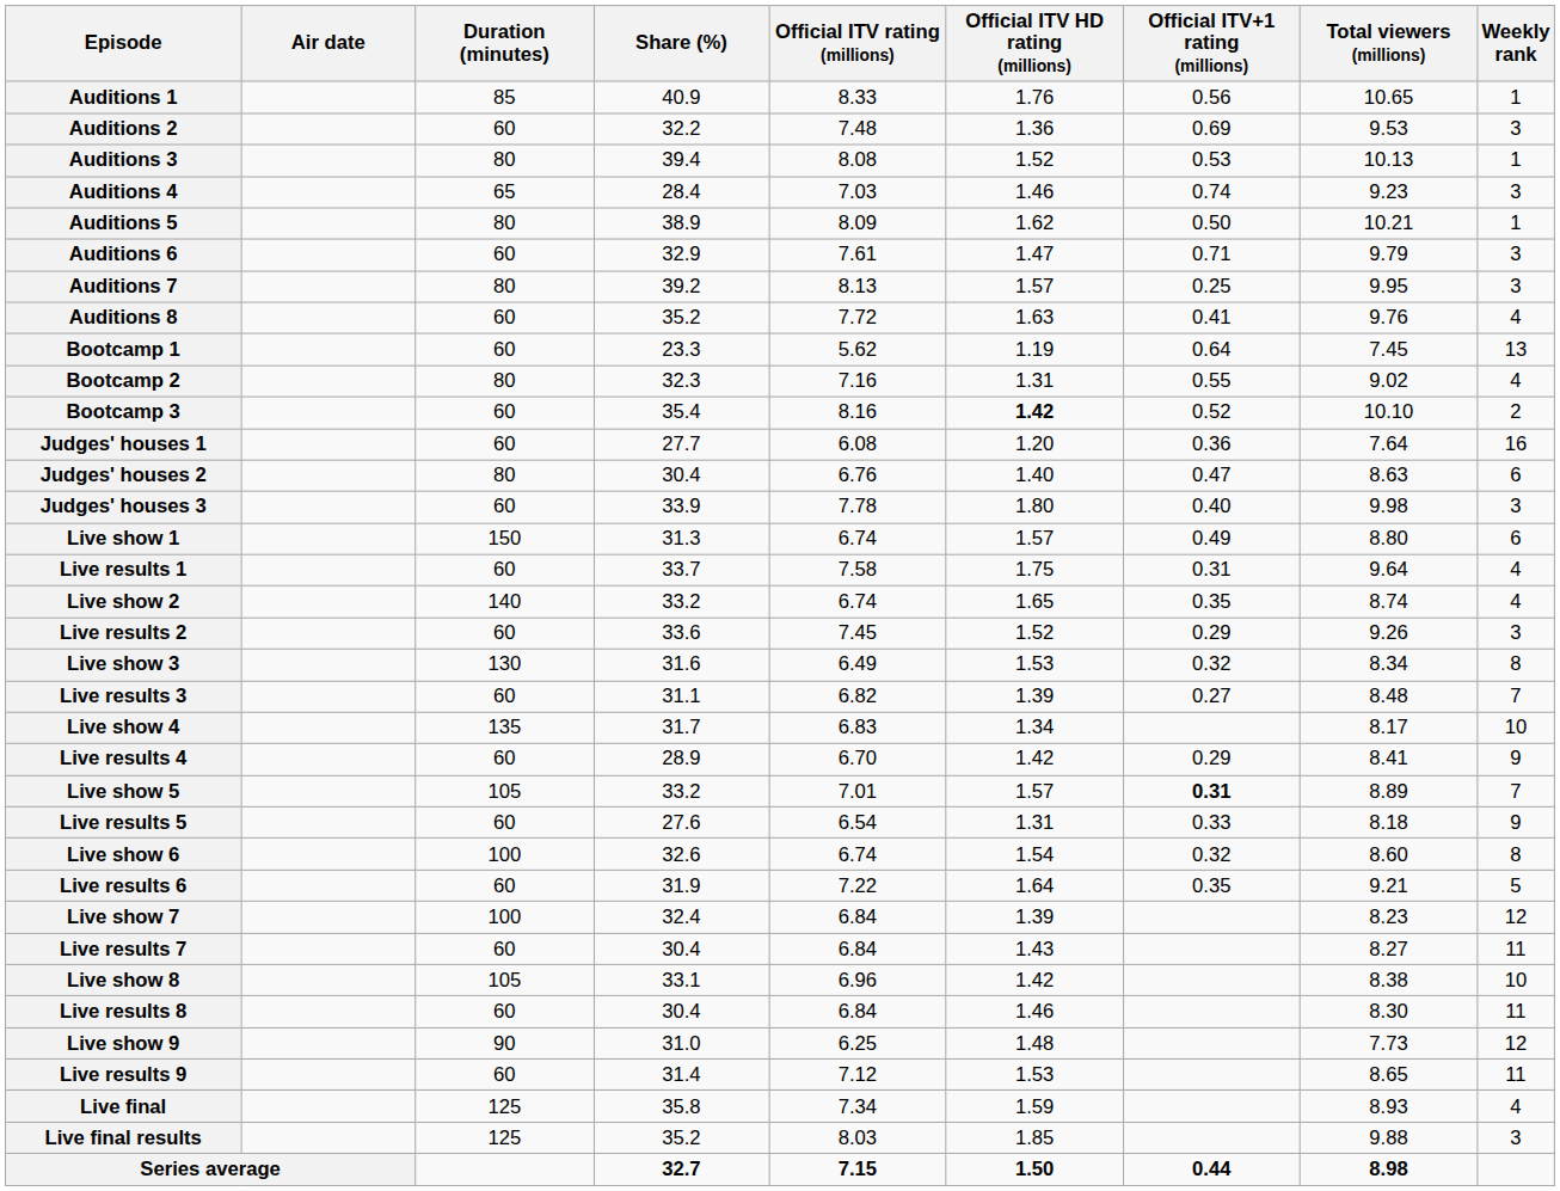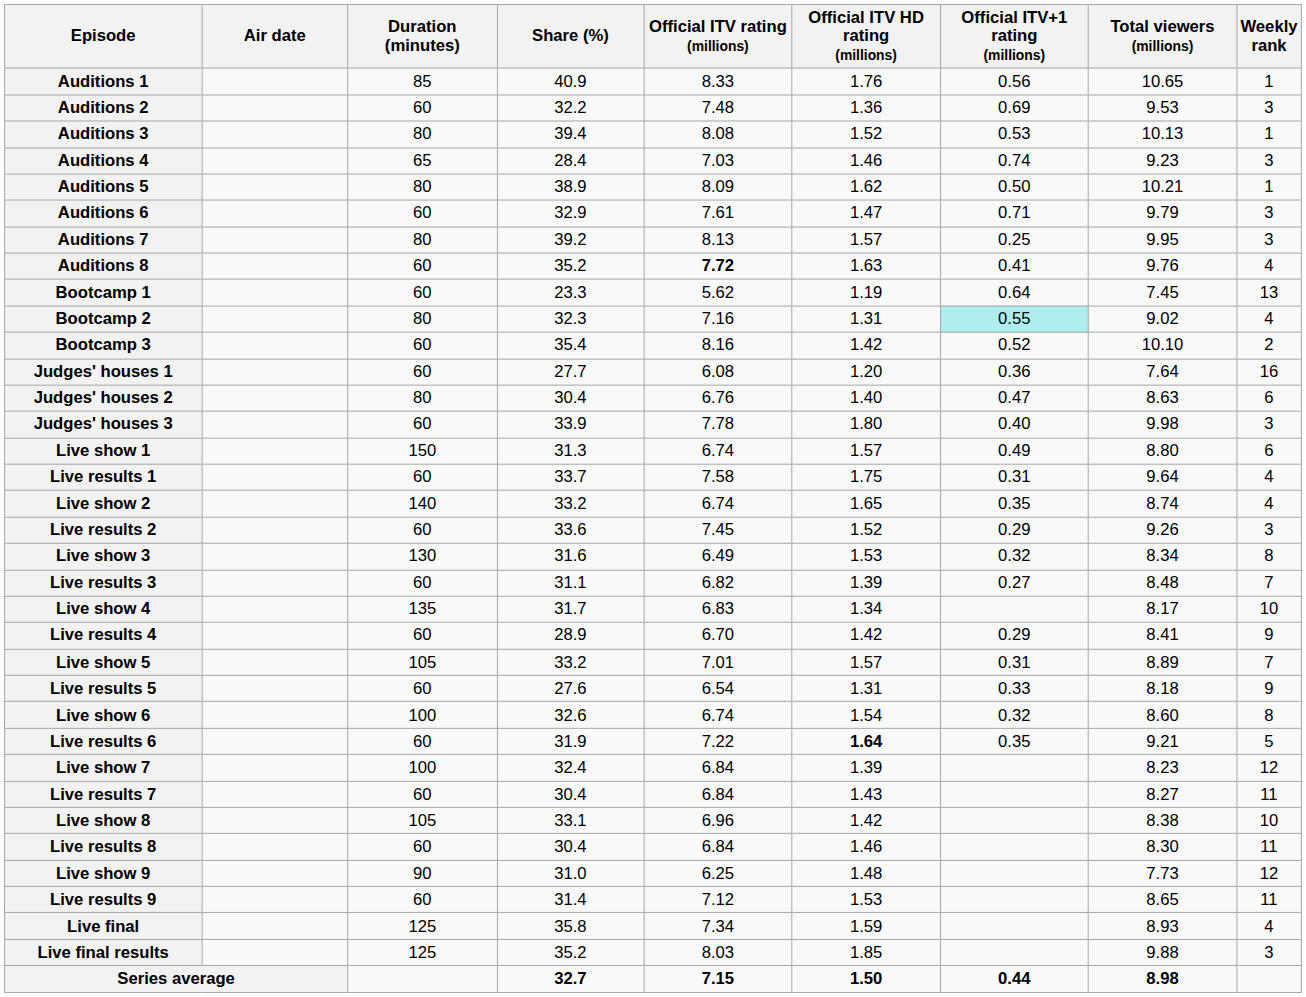 <table class="wikitable sortable" style="text-align:center">
 <tr>
 <th scope="col" style="width:16%">Episode</th>
 <th scope="col" style="width:12%">Air date</th>
 <th scope="col" style="width:12%">Duration (minutes)</th>
 <th scope="col" style="width:12%">Share (%)</th>
 <th scope="col" style="width:12%">Official ITV rating<br><small>(millions)</small></th>
 <th scope="col" style="width:12%">Official ITV HD rating<br><small>(millions)</small></th>
 <th scope="col" style="width:12%">Official ITV+1 rating<br><small>(millions)</small></th>
 <th scope="col" style="width:12%">Total viewers<br><small>(millions)</small></th>
 <th scope="col" style="width:12%">Weekly rank</th>
 </tr>
 <tr>
 <th scope="row">Auditions 1</th>
 <td></td>
 <td>85</td>
 <td>40.9</td>
 <td>8.33</td>
 <td>1.76</td>
 <td>0.56</td>
 <td>10.65</td>
 <td>1</td>
 </tr>
 <tr>
 <th scope="row">Auditions 2</th>
 <td></td>
 <td>60</td>
 <td>32.2</td>
 <td>7.48</td>
 <td>1.36</td>
 <td>0.69</td>
 <td>9.53</td>
 <td>3</td>
 </tr>
 <tr>
 <th scope="row">Auditions 3</th>
 <td></td>
 <td>80</td>
 <td>39.4</td>
 <td>8.08</td>
 <td>1.52</td>
 <td>0.53</td>
 <td>10.13</td>
 <td>1</td>
 </tr>
 <tr>
 <th scope="row">Auditions 4</th>
 <td></td>
 <td>65</td>
 <td>28.4</td>
 <td>7.03</td>
 <td>1.46</td>
 <td>0.74</td>
 <td>9.23</td>
 <td>3</td>
 </tr>
 <tr>
 <th scope="row">Auditions 5</th>
 <td></td>
 <td>80</td>
 <td>38.9</td>
 <td>8.09</td>
 <td>1.62</td>
 <td>0.50</td>
 <td>10.21</td>
 <td>1</td>
 </tr>
 <tr>
 <th scope="row">Auditions 6</th>
 <td></td>
 <td>60</td>
 <td>32.9</td>
 <td>7.61</td>
 <td>1.47</td>
 <td>0.71</td>
 <td>9.79</td>
 <td>3</td>
 </tr>
 <tr>
 <th scope="row">Auditions 7</th>
 <td></td>
 <td>80</td>
 <td>39.2</td>
 <td>8.13</td>
 <td>1.57</td>
 <td>0.25</td>
 <td>9.95</td>
 <td>3</td>
 </tr>
 <tr>
 <th scope="row">Auditions 8</th>
 <td></td>
 <td>60</td>
 <td>35.2</td>
-<td>7.72</td>
+<td><strong>7.72</strong></td>
 <td>1.63</td>
 <td>0.41</td>
 <td>9.76</td>
 <td>4</td>
 </tr>
 <tr>
 <th scope="row">Bootcamp 1</th>
 <td></td>
 <td>60</td>
 <td>23.3</td>
 <td>5.62</td>
 <td>1.19</td>
 <td>0.64</td>
 <td>7.45</td>
 <td>13</td>
 </tr>
 <tr>
 <th scope="row">Bootcamp 2</th>
 <td></td>
 <td>80</td>
 <td>32.3</td>
 <td>7.16</td>
 <td>1.31</td>
-<td>0.55</td>
+<td style="background: paleturquoise;">0.55</td>
 <td>9.02</td>
 <td>4</td>
 </tr>
 <tr>
 <th scope="row">Bootcamp 3</th>
 <td></td>
 <td>60</td>
 <td>35.4</td>
 <td>8.16</td>
-<td><strong>1.42</strong></td>
+<td>1.42</td>
 <td>0.52</td>
 <td>10.10</td>
 <td>2</td>
 </tr>
 <tr>
 <th scope="row">Judges' houses 1</th>
 <td></td>
 <td>60</td>
 <td>27.7</td>
 <td>6.08</td>
 <td>1.20</td>
 <td>0.36</td>
 <td>7.64</td>
 <td>16</td>
 </tr>
 <tr>
 <th scope="row">Judges' houses 2</th>
 <td></td>
 <td>80</td>
 <td>30.4</td>
 <td>6.76</td>
 <td>1.40</td>
 <td>0.47</td>
 <td>8.63</td>
 <td>6</td>
 </tr>
 <tr>
 <th scope="row">Judges' houses 3</th>
 <td></td>
 <td>60</td>
 <td>33.9</td>
 <td>7.78</td>
 <td>1.80</td>
 <td>0.40</td>
 <td>9.98</td>
 <td>3</td>
 </tr>
 <tr>
 <th scope="row">Live show 1</th>
 <td></td>
 <td>150</td>
 <td>31.3</td>
 <td>6.74</td>
 <td>1.57</td>
 <td>0.49</td>
 <td>8.80</td>
 <td>6</td>
 </tr>
 <tr>
 <th scope="row">Live results 1</th>
 <td></td>
 <td>60</td>
 <td>33.7</td>
 <td>7.58</td>
 <td>1.75</td>
 <td>0.31</td>
 <td>9.64</td>
 <td>4</td>
 </tr>
 <tr>
 <th scope="row">Live show 2</th>
 <td></td>
 <td>140</td>
 <td>33.2</td>
 <td>6.74</td>
 <td>1.65</td>
 <td>0.35</td>
 <td>8.74</td>
 <td>4</td>
 </tr>
 <tr>
 <th scope="row">Live results 2</th>
 <td></td>
 <td>60</td>
 <td>33.6</td>
 <td>7.45</td>
 <td>1.52</td>
 <td>0.29</td>
 <td>9.26</td>
 <td>3</td>
 </tr>
 <tr>
 <th scope="row">Live show 3</th>
 <td></td>
 <td>130</td>
 <td>31.6</td>
 <td>6.49</td>
 <td>1.53</td>
 <td>0.32</td>
 <td>8.34</td>
 <td>8</td>
 </tr>
 <tr>
 <th scope="row">Live results 3</th>
 <td></td>
 <td>60</td>
 <td>31.1</td>
 <td>6.82</td>
 <td>1.39</td>
 <td>0.27</td>
 <td>8.48</td>
 <td>7</td>
 </tr>
 <tr>
 <th scope="row">Live show 4</th>
 <td></td>
 <td>135</td>
 <td>31.7</td>
 <td>6.83</td>
 <td>1.34</td>
 <td></td>
 <td>8.17</td>
 <td>10</td>
 </tr>
 <tr>
 <th scope="row">Live results 4</th>
 <td></td>
 <td>60</td>
 <td>28.9</td>
 <td>6.70</td>
 <td>1.42</td>
 <td>0.29</td>
 <td>8.41</td>
 <td>9</td>
 </tr>
 <tr>
 <th scope="row">Live show 5</th>
 <td></td>
 <td>105</td>
 <td>33.2</td>
 <td>7.01</td>
 <td>1.57</td>
-<td><strong>0.31</strong></td>
+<td>0.31</td>
 <td>8.89</td>
 <td>7</td>
 </tr>
 <tr>
 <th scope="row">Live results 5</th>
 <td></td>
 <td>60</td>
 <td>27.6</td>
 <td>6.54</td>
 <td>1.31</td>
 <td>0.33</td>
 <td>8.18</td>
 <td>9</td>
 </tr>
 <tr>
 <th scope="row">Live show 6</th>
 <td></td>
 <td>100</td>
 <td>32.6</td>
 <td>6.74</td>
 <td>1.54</td>
 <td>0.32</td>
 <td>8.60</td>
 <td>8</td>
 </tr>
 <tr>
 <th scope="row">Live results 6</th>
 <td></td>
 <td>60</td>
 <td>31.9</td>
 <td>7.22</td>
-<td>1.64</td>
+<td><strong>1.64</strong></td>
 <td>0.35</td>
 <td>9.21</td>
 <td>5</td>
 </tr>
 <tr>
 <th scope="row">Live show 7</th>
 <td></td>
 <td>100</td>
 <td>32.4</td>
 <td>6.84</td>
 <td>1.39</td>
 <td></td>
 <td>8.23</td>
 <td>12</td>
 </tr>
 <tr>
 <th scope="row">Live results 7</th>
 <td></td>
 <td>60</td>
 <td>30.4</td>
 <td>6.84</td>
 <td>1.43</td>
 <td></td>
 <td>8.27</td>
 <td>11</td>
 </tr>
 <tr>
 <th scope="row">Live show 8</th>
 <td></td>
 <td>105</td>
 <td>33.1</td>
 <td>6.96</td>
 <td>1.42</td>
 <td></td>
 <td>8.38</td>
 <td>10</td>
 </tr>
 <tr>
 <th scope="row">Live results 8</th>
 <td></td>
 <td>60</td>
 <td>30.4</td>
 <td>6.84</td>
 <td>1.46</td>
 <td></td>
 <td>8.30</td>
 <td>11</td>
 </tr>
 <tr>
 <th scope="row">Live show 9</th>
 <td></td>
 <td>90</td>
 <td>31.0</td>
 <td>6.25</td>
 <td>1.48</td>
 <td></td>
 <td>7.73</td>
 <td>12</td>
 </tr>
 <tr>
 <th scope="row">Live results 9</th>
 <td></td>
 <td>60</td>
 <td>31.4</td>
 <td>7.12</td>
 <td>1.53</td>
 <td></td>
 <td>8.65</td>
 <td>11</td>
 </tr>
 <tr>
 <th scope="row">Live final</th>
 <td></td>
 <td>125</td>
 <td>35.8</td>
 <td>7.34</td>
 <td>1.59</td>
 <td></td>
 <td>8.93</td>
 <td>4</td>
 </tr>
 <tr>
 <th scope="row">Live final results</th>
 <td></td>
 <td>125</td>
 <td>35.2</td>
 <td>8.03</td>
 <td>1.85</td>
 <td></td>
 <td>9.88</td>
 <td>3</td>
 </tr>
 <tr>
 <th colspan="2" scope="row">Series average</th>
 <td></td>
 <td><strong>32.7</strong></td>
 <td><strong>7.15</strong></td>
 <td><strong>1.50</strong></td>
 <td><strong>0.44</strong></td>
 <td><strong>8.98</strong></td>
 <td></td>
 </tr>
 </table>
